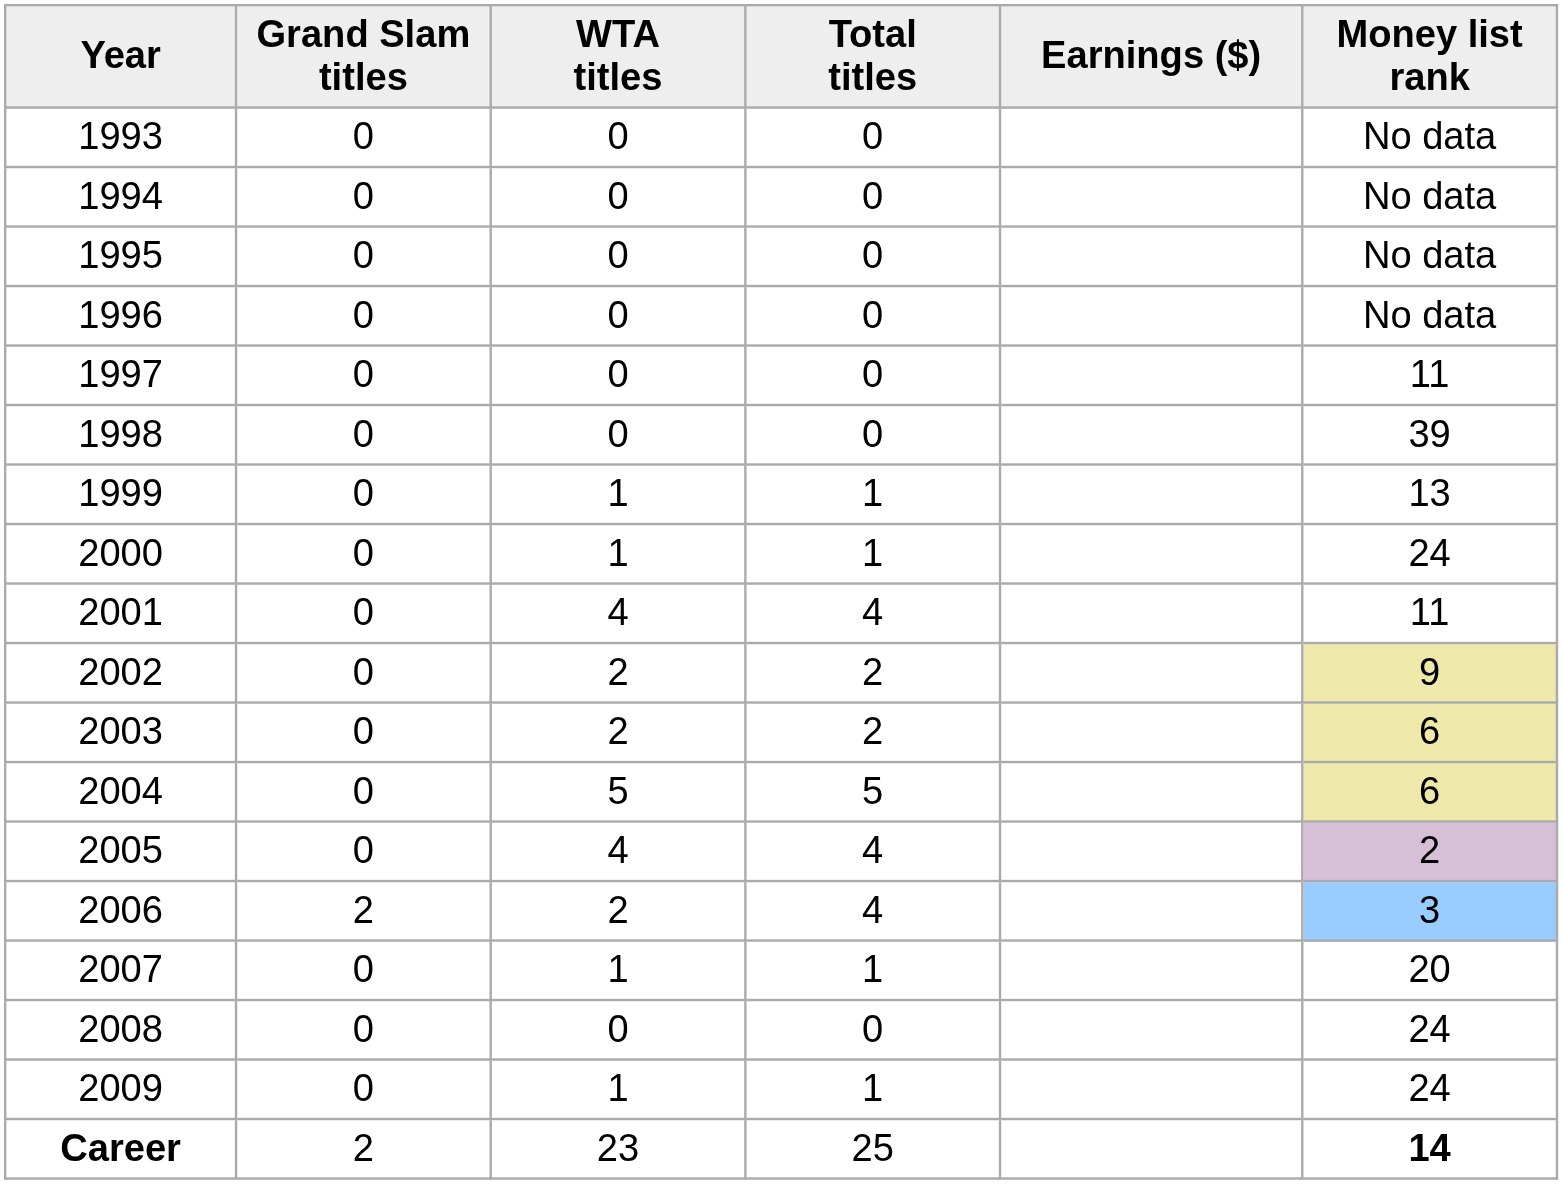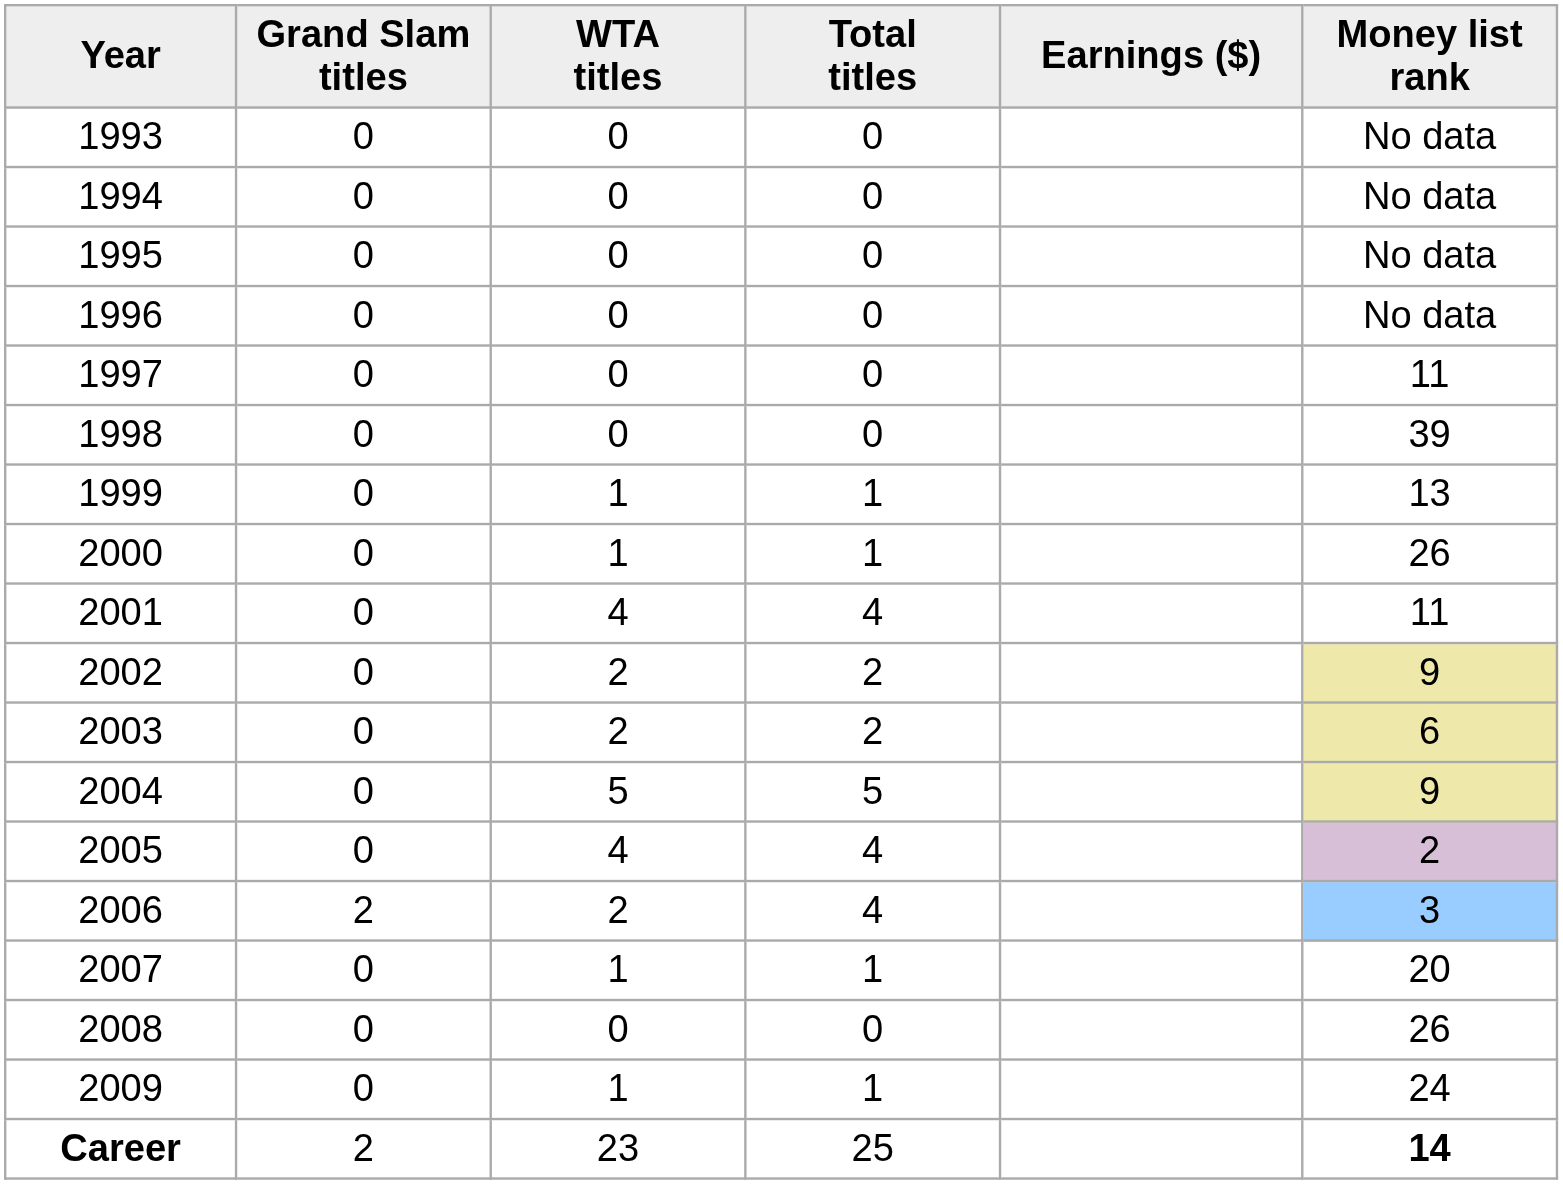 <table cellpadding=3 cellspacing=0 border=1 style=border:#aaa;solid:1px;border-collapse:collapse;text-align:center;>
 <tr style=background:#eee;font-weight:bold>
 <td width="90">Year</td>
 <td width="100">Grand Slam <br>titles</td>
 <td width="100">WTA <br>titles</td>
 <td width="100">Total <br>titles</td>
 <td width="120">Earnings ($)</td>
 <td width="100">Money list rank</td>
 </tr>
 <tr>
 <td>1993</td>
 <td>0</td>
 <td>0</td>
 <td>0</td>
 <td align=right></td>
 <td>No data</td>
 </tr>
 <tr>
 <td>1994</td>
 <td>0</td>
 <td>0</td>
 <td>0</td>
 <td align=right></td>
 <td>No data</td>
 </tr>
 <tr>
 <td>1995</td>
 <td>0</td>
 <td>0</td>
 <td>0</td>
 <td align=right></td>
 <td>No data</td>
 </tr>
 <tr>
 <td>1996</td>
 <td>0</td>
 <td>0</td>
 <td>0</td>
 <td align=right></td>
 <td>No data</td>
 </tr>
 <tr>
 <td>1997</td>
 <td>0</td>
 <td>0</td>
 <td>0</td>
 <td align=right></td>
 <td>11</td>
 </tr>
 <tr>
 <td>1998</td>
 <td>0</td>
 <td>0</td>
 <td>0</td>
 <td align=right></td>
 <td>39</td>
 </tr>
 <tr>
 <td>1999</td>
 <td>0</td>
 <td>1</td>
 <td>1</td>
 <td align=right></td>
 <td>13</td>
 </tr>
 <tr>
 <td>2000</td>
 <td>0</td>
 <td>1</td>
 <td>1</td>
 <td align=right></td>
-<td>24</td>
+<td>26</td>
 </tr>
 <tr>
 <td>2001</td>
 <td>0</td>
 <td>4</td>
 <td>4</td>
 <td align=right></td>
 <td>11</td>
 </tr>
 <tr>
 <td>2002</td>
 <td>0</td>
 <td>2</td>
 <td>2</td>
 <td align=right></td>
 <td bgcolor=eee8aa>9</td>
 </tr>
 <tr>
 <td>2003</td>
 <td>0</td>
 <td>2</td>
 <td>2</td>
 <td align=right></td>
 <td bgcolor=eee8aa>6</td>
 </tr>
 <tr>
 <td>2004</td>
 <td>0</td>
 <td>5</td>
 <td>5</td>
 <td align=right></td>
-<td bgcolor=eee8aa>6</td>
+<td bgcolor=eee8aa>9</td>
 </tr>
 <tr>
 <td>2005</td>
 <td>0</td>
 <td>4</td>
 <td>4</td>
 <td align=right></td>
 <td bgcolor=D8BFD8>2</td>
 </tr>
 <tr>
 <td>2006</td>
 <td>2</td>
 <td>2</td>
 <td>4</td>
 <td align=right></td>
 <td bgcolor=99ccff>3</td>
 </tr>
 <tr>
 <td>2007</td>
 <td>0</td>
 <td>1</td>
 <td>1</td>
 <td align=right></td>
 <td>20</td>
 </tr>
 <tr>
 <td>2008</td>
 <td>0</td>
 <td>0</td>
 <td>0</td>
 <td align=right></td>
-<td>24</td>
+<td>26</td>
 </tr>
 <tr>
 <td>2009</td>
 <td>0</td>
 <td>1</td>
 <td>1</td>
 <td align=right></td>
 <td>24</td>
 </tr>
 <tr>
 <th>Career</th>
 <td>2</td>
 <td>23</td>
 <td>25</td>
 <th align=right></th>
 <th>14</th>
 </tr>
 </table>
